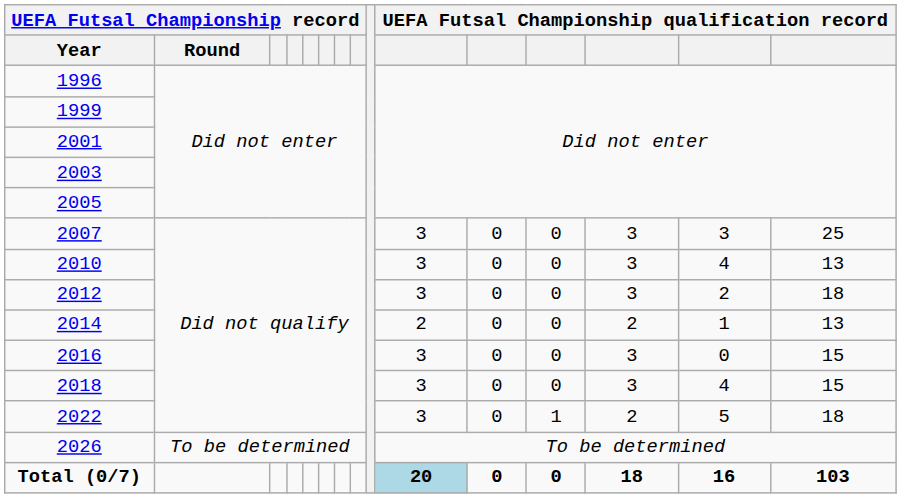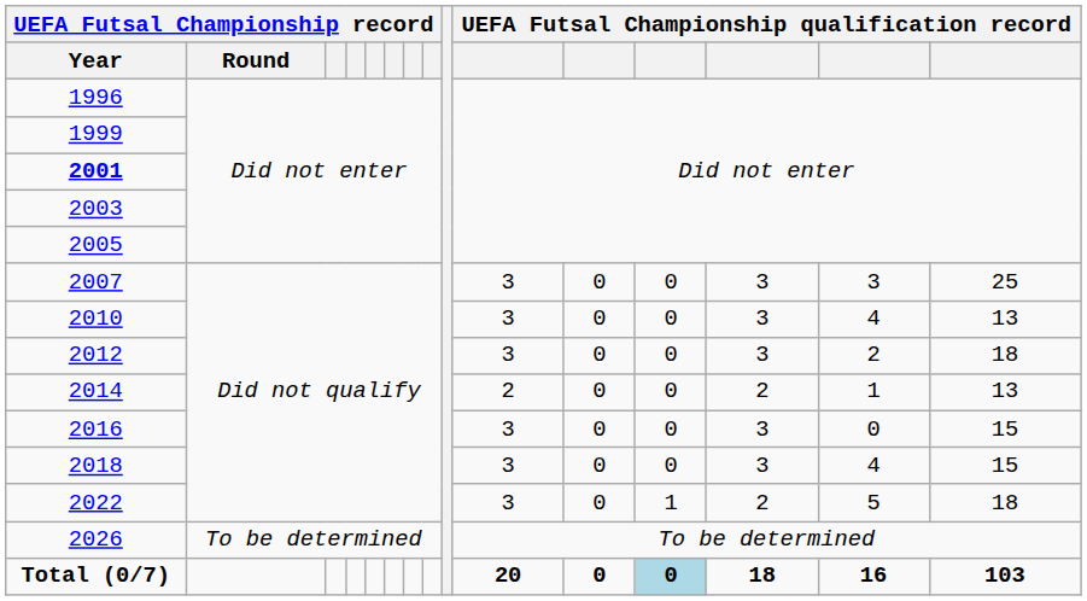 <table class="wikitable" style="text-align: center">
 <tr>
 <th colspan="8"><a href='#'>UEFA Futsal Championship</a> record</th>
 <th rowspan="17" style="width:1%"></th>
 <th colspan="6">UEFA Futsal Championship qualification record</th>
 </tr>
 <tr>
 <th>Year</th>
 <th>Round</th>
 <th></th>
 <th></th>
 <th></th>
 <th></th>
 <th></th>
 <th></th>
 <th></th>
 <th></th>
 <th></th>
 <th></th>
 <th></th>
 <th></th>
 </tr>
 <tr>
 <td> <a href='#'>1996</a></td>
 <td colspan="8" rowspan="5"><em>Did not enter</em></td>
 <td colspan="8" rowspan="5"><em>Did not enter</em></td>
 </tr>
 <tr>
 <td> <a href='#'>1999</a></td>
 </tr>
 <tr>
-<td> <a href='#'>2001</a></td>
+<td><strong> <a href='#'>2001</a></strong></td>
 </tr>
 <tr>
 <td> <a href='#'>2003</a></td>
 </tr>
 <tr>
 <td> <a href='#'>2005</a></td>
 </tr>
 <tr>
 <td> <a href='#'>2007</a></td>
 <td colspan="8" rowspan="7"><em>Did not qualify</em></td>
 <td>3</td>
 <td>0</td>
 <td>0</td>
 <td>3</td>
 <td>3</td>
 <td>25</td>
 </tr>
 <tr>
 <td> <a href='#'>2010</a></td>
 <td>3</td>
 <td>0</td>
 <td>0</td>
 <td>3</td>
 <td>4</td>
 <td>13</td>
 </tr>
 <tr>
 <td> <a href='#'>2012</a></td>
 <td>3</td>
 <td>0</td>
 <td>0</td>
 <td>3</td>
 <td>2</td>
 <td>18</td>
 </tr>
 <tr>
 <td> <a href='#'>2014</a></td>
 <td>2</td>
 <td>0</td>
 <td>0</td>
 <td>2</td>
 <td>1</td>
 <td>13</td>
 </tr>
 <tr>
 <td> <a href='#'>2016</a></td>
 <td>3</td>
 <td>0</td>
 <td>0</td>
 <td>3</td>
 <td>0</td>
 <td>15</td>
 </tr>
 <tr>
 <td> <a href='#'>2018</a></td>
 <td>3</td>
 <td>0</td>
 <td>0</td>
 <td>3</td>
 <td>4</td>
 <td>15</td>
 </tr>
 <tr>
 <td> <a href='#'>2022</a></td>
 <td>3</td>
 <td>0</td>
 <td>1</td>
 <td>2</td>
 <td>5</td>
 <td>18</td>
 </tr>
 <tr>
 <td> <a href='#'>2026</a></td>
 <td colspan="7"><em>To be determined</em></td>
 <td colspan="6"><em>To be determined</em></td>
 </tr>
 <tr style="font-weight: bold">
 <td>Total (0/7)</td>
 <td></td>
 <td></td>
 <td></td>
 <td></td>
 <td></td>
 <td></td>
 <td></td>
-<td style="background: lightblue;">20</td>
+<td>20</td>
 <td>0</td>
-<td>0</td>
+<td style="background: lightblue;">0</td>
 <td>18</td>
 <td>16</td>
 <td>103</td>
 </tr>
 </table>
